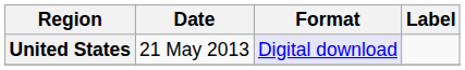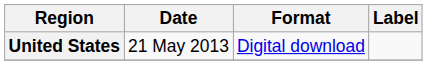 <table class="wikitable plainrowheaders">
 <tr>
 <th scope="col">Region</th>
 <th scope="col">Date</th>
 <th scope="col">Format</th>
 <th scope="col">Label</th>
 </tr>
 <tr>
 <th scope="row">United States</th>
 <td>21 May 2013</td>
-<td style="background: lavender;"><a href='#'>Digital download</a></td>
+<td><a href='#'>Digital download</a></td>
 <td></td>
 </tr>
 <tr>
 </tr>
 </table>
